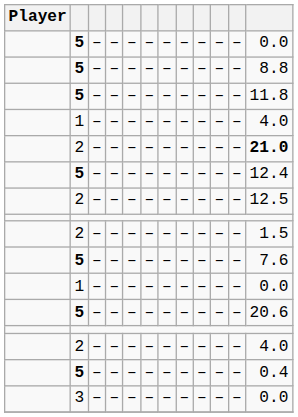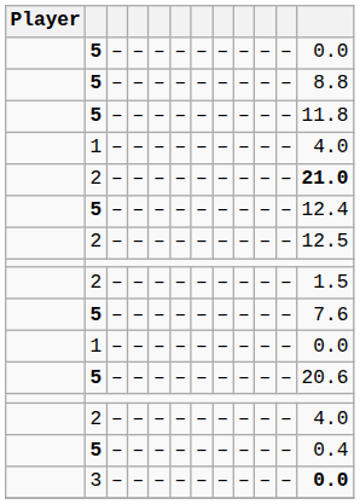 <table class="wikitable sortable" style="font-size:95%; text-align:right;">
 <tr>
 <th>Player</th>
 <th></th>
 <th></th>
 <th></th>
 <th></th>
 <th></th>
 <th></th>
 <th></th>
 <th></th>
 <th></th>
 <th></th>
 <th></th>
 </tr>
 <tr>
 <td><strong></strong></td>
 <td><strong>5</strong></td>
 <td>–</td>
 <td>–</td>
 <td>–</td>
 <td>–</td>
 <td>–</td>
 <td>–</td>
 <td>–</td>
 <td>–</td>
 <td>–</td>
 <td>0.0</td>
 </tr>
 <tr>
 <td><strong></strong></td>
 <td><strong>5</strong></td>
 <td>–</td>
 <td>–</td>
 <td>–</td>
 <td>–</td>
 <td>–</td>
 <td>–</td>
 <td>–</td>
 <td>–</td>
 <td>–</td>
 <td>8.8</td>
 </tr>
 <tr>
 <td><strong></strong></td>
 <td><strong>5</strong></td>
 <td>–</td>
 <td>–</td>
 <td>–</td>
 <td>–</td>
 <td>–</td>
 <td>–</td>
 <td>–</td>
 <td>–</td>
 <td>–</td>
 <td>11.8</td>
 </tr>
 <tr>
 <td><strong></strong></td>
 <td>1</td>
 <td>–</td>
 <td>–</td>
 <td>–</td>
 <td>–</td>
 <td>–</td>
 <td>–</td>
 <td>–</td>
 <td>–</td>
 <td>–</td>
 <td>4.0</td>
 </tr>
 <tr>
 <td><strong></strong></td>
 <td>2</td>
 <td>–</td>
 <td>–</td>
 <td>–</td>
 <td>–</td>
 <td>–</td>
 <td>–</td>
 <td>–</td>
 <td>–</td>
 <td>–</td>
 <td><strong>21.0</strong></td>
 </tr>
 <tr>
 <td><strong></strong></td>
 <td><strong>5</strong></td>
 <td>–</td>
 <td>–</td>
 <td>–</td>
 <td>–</td>
 <td>–</td>
 <td>–</td>
 <td>–</td>
 <td>–</td>
 <td>–</td>
 <td>12.4</td>
 </tr>
 <tr>
 <td><strong></strong></td>
 <td>2</td>
 <td>–</td>
 <td>–</td>
 <td>–</td>
 <td>–</td>
 <td>–</td>
 <td>–</td>
 <td>–</td>
 <td>–</td>
 <td>–</td>
 <td>12.5</td>
 </tr>
 <tr>
 <td><strong></strong></td>
 <td colspan=12></td>
 </tr>
 <tr>
 <td><strong></strong></td>
 <td>2</td>
 <td>–</td>
 <td>–</td>
 <td>–</td>
 <td>–</td>
 <td>–</td>
 <td>–</td>
 <td>–</td>
 <td>–</td>
 <td>–</td>
 <td>1.5</td>
 </tr>
 <tr>
 <td><strong></strong></td>
 <td><strong>5</strong></td>
 <td>–</td>
 <td>–</td>
 <td>–</td>
 <td>–</td>
 <td>–</td>
 <td>–</td>
 <td>–</td>
 <td>–</td>
 <td>–</td>
 <td>7.6</td>
 </tr>
 <tr>
 <td><strong></strong></td>
 <td>1</td>
 <td>–</td>
 <td>–</td>
 <td>–</td>
 <td>–</td>
 <td>–</td>
 <td>–</td>
 <td>–</td>
 <td>–</td>
 <td>–</td>
 <td>0.0</td>
 </tr>
 <tr>
 <td><strong></strong></td>
 <td><strong>5</strong></td>
 <td>–</td>
 <td>–</td>
 <td>–</td>
 <td>–</td>
 <td>–</td>
 <td>–</td>
 <td>–</td>
 <td>–</td>
 <td>–</td>
 <td>20.6</td>
 </tr>
 <tr>
 <td><strong></strong></td>
 <td colspan=12></td>
 </tr>
 <tr>
 <td><strong></strong></td>
 <td>2</td>
 <td>–</td>
 <td>–</td>
 <td>–</td>
 <td>–</td>
 <td>–</td>
 <td>–</td>
 <td>–</td>
 <td>–</td>
 <td>–</td>
 <td>4.0</td>
 </tr>
 <tr>
 <td><strong></strong></td>
 <td><strong>5</strong></td>
 <td>–</td>
 <td>–</td>
 <td>–</td>
 <td>–</td>
 <td>–</td>
 <td>–</td>
 <td>–</td>
 <td>–</td>
 <td>–</td>
 <td>0.4</td>
 </tr>
 <tr>
 <td><strong></strong></td>
 <td>3</td>
 <td>–</td>
 <td>–</td>
 <td>–</td>
 <td>–</td>
 <td>–</td>
 <td>–</td>
 <td>–</td>
 <td>–</td>
 <td>–</td>
-<td>0.0</td>
+<td><strong>0.0</strong></td>
 </tr>
 <tr class="sortbottom">
 </tr>
 </table>
